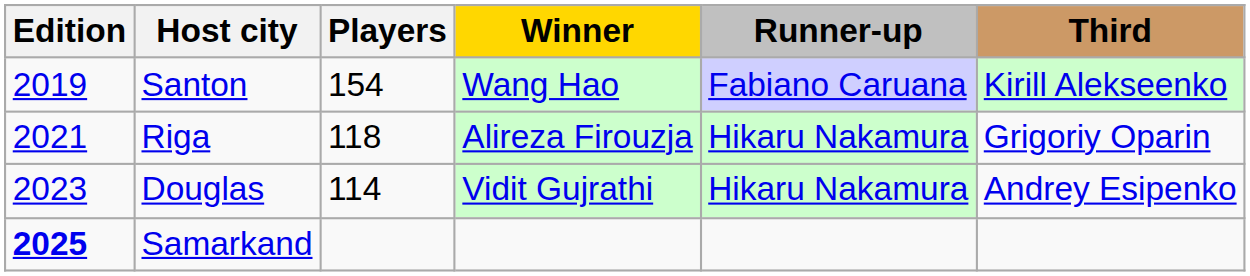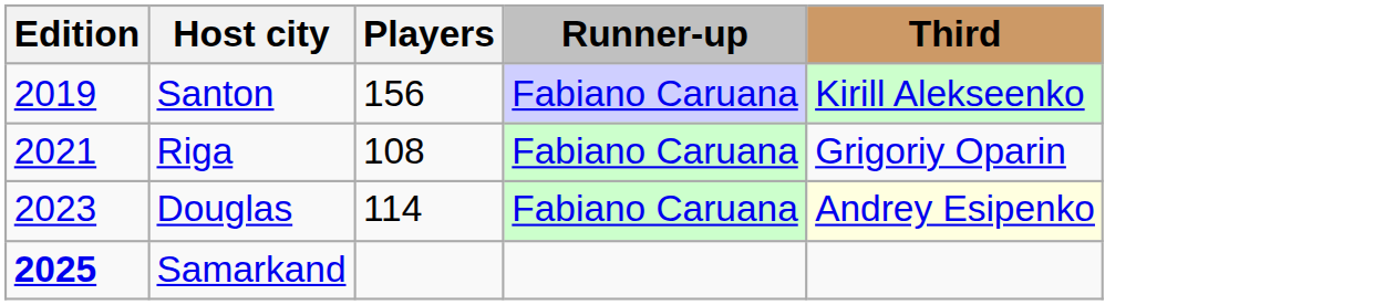 <table class="wikitable">
 <tr>
 <th>Edition</th>
 <th>Host city</th>
 <th>Players</th>
-<th style="background:#ffd700">Winner</th>
 <th style="background:#c0c0c0">Runner-up</th>
 <th style="background:#cc9966">Third</th>
 </tr>
 <tr>
 <td><a href='#'>2019</a></td>
 <td> <a href='#'>Santon</a></td>
-<td>154</td>
-<td style="background:#ccffcc;"> <a href='#'>Wang Hao</a></td>
+<td>156</td>
 <td style="background:#cfcfff;"> <a href='#'>Fabiano Caruana</a></td>
 <td style="background:#ccffcc;"> <a href='#'>Kirill Alekseenko</a></td>
 </tr>
 <tr>
 <td><a href='#'>2021</a></td>
 <td> <a href='#'>Riga</a></td>
-<td>118</td>
-<td style="background:#ccffcc;"> <a href='#'>Alireza Firouzja</a></td>
-<td style="background:#ccffcc;"> <a href='#'>Hikaru Nakamura</a></td>
+<td>108</td>
+<td style="background:#ccffcc;"> <a href='#'>Fabiano Caruana</a></td>
 <td> <a href='#'>Grigoriy Oparin</a></td>
 </tr>
 <tr>
 <td><a href='#'>2023</a></td>
 <td> <a href='#'>Douglas</a></td>
 <td>114</td>
-<td style="background:#ccffcc;"> <a href='#'>Vidit Gujrathi</a></td>
-<td style="background:#ccffcc;"> <a href='#'>Hikaru Nakamura</a></td>
-<td> <a href='#'>Andrey Esipenko</a></td>
+<td style="background:#ccffcc;"> <a href='#'>Fabiano Caruana</a></td>
+<td style="background: lightyellow;"> <a href='#'>Andrey Esipenko</a></td>
 </tr>
 <tr>
 <td><strong><a href='#'>2025</a></strong></td>
 <td> <a href='#'>Samarkand</a></td>
 <td></td>
 <td></td>
 <td></td>
-<td></td>
 </tr>
 </table>
